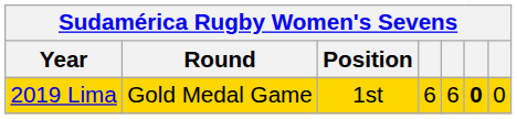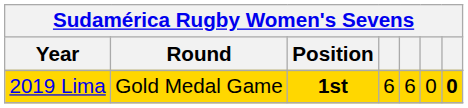 <table class="wikitable" style="text-align: center;">
 <tr>
 <th colspan=10><a href='#'>Sudamérica Rugby Women's Sevens</a></th>
 </tr>
 <tr>
 <th>Year</th>
 <th>Round</th>
 <th>Position</th>
 <th></th>
 <th></th>
 <th></th>
 <th></th>
 </tr>
 <tr>
 </tr>
 <tr bgcolor=gold>
 <td align=left> <a href='#'>2019 Lima</a></td>
 <td>Gold Medal Game</td>
-<td>1st</td>
+<td><strong>1st</strong></td>
 <td>6</td>
 <td>6</td>
+<td>0</td>
 <td><strong>0</strong></td>
-<td>0</td>
 </tr>
 <tr>
 </tr>
 </table>
